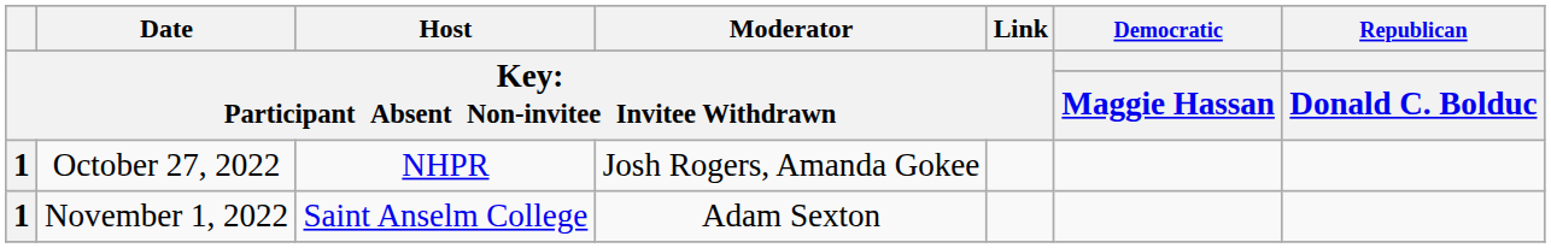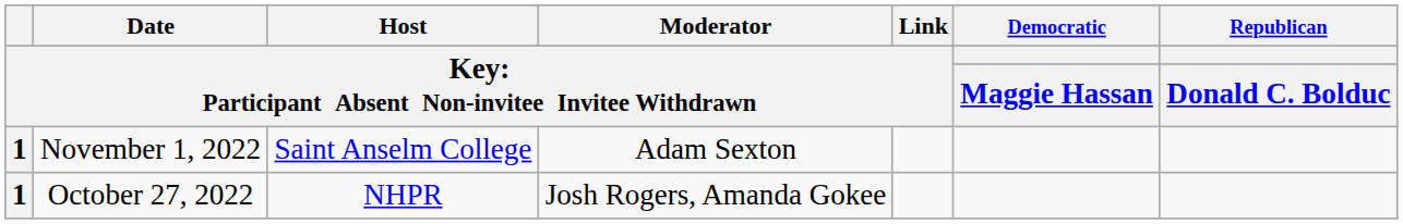 <table class="wikitable" style="text-align:center;">
 <tr style="font-size:small;">
 <th scope="col"></th>
 <th scope="col">Date</th>
 <th scope="col">Host</th>
 <th scope="col">Moderator</th>
 <th scope="col">Link</th>
 <th scope="col"><small><a href='#'>Democratic</a></small></th>
 <th scope="col"><small><a href='#'>Republican</a></small></th>
 </tr>
 <tr>
 <th colspan="5" rowspan="2">Key:<br> <small>Participant </small>  <small>Absent </small>  <small>Non-invitee </small>  <small>Invitee  Withdrawn</small></th>
 <th scope="col" style="background:"></th>
 <th scope="col" style="background:"></th>
 </tr>
 <tr>
 <th scope="col"><a href='#'>Maggie Hassan</a></th>
 <th scope="col"><a href='#'>Donald C. Bolduc</a></th>
 </tr>
 <tr>
 <th scope="row">1</th>
+<td style="white-space:nowrap;">November 1, 2022</td>
+<td style="white-space:nowrap;"><a href='#'>Saint Anselm College</a></td>
+<td style="white-space:nowrap;">Adam Sexton</td>
+<td style="white-space:nowrap;"></td>
+<td></td>
+<td></td>
+</tr>
+<tr>
+<th scope="row">1</th>
 <td style="white-space:nowrap;">October 27, 2022</td>
 <td style="white-space:nowrap;"><a href='#'>NHPR</a></td>
 <td style="white-space:nowrap;">Josh Rogers, Amanda Gokee</td>
 <td style="white-space:nowrap;"></td>
 <td></td>
 <td></td>
 </tr>
-<tr>
-<th scope="row">1</th>
-<td style="white-space:nowrap;">November 1, 2022</td>
-<td style="white-space:nowrap;"><a href='#'>Saint Anselm College</a></td>
-<td style="white-space:nowrap;">Adam Sexton</td>
-<td style="white-space:nowrap;"></td>
-<td></td>
-<td></td>
-</tr>
 </table>
